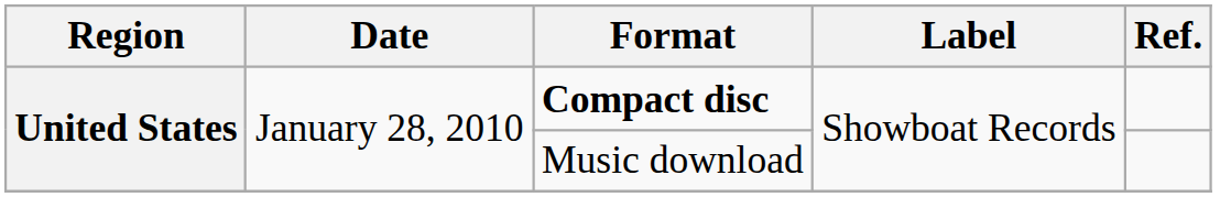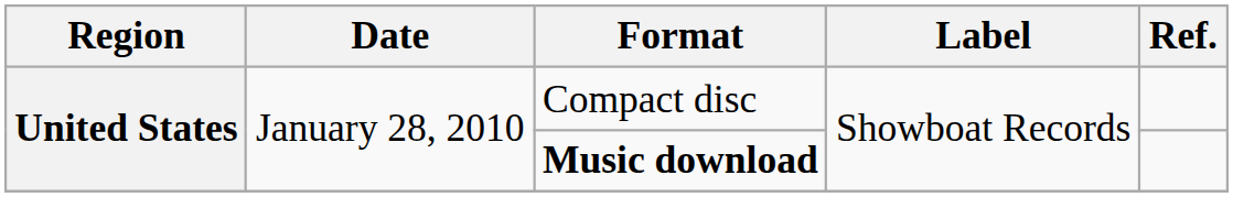 <table class="wikitable plainrowheaders">
 <tr>
 <th scope="col">Region</th>
 <th scope="col">Date</th>
 <th scope="col">Format</th>
 <th scope="col">Label</th>
 <th scope="col">Ref.</th>
 </tr>
 <tr>
 <th scope="row" rowspan="2">United States</th>
 <td rowspan="2">January 28, 2010</td>
-<td><strong>Compact disc</strong></td>
+<td>Compact disc</td>
 <td rowspan="2">Showboat Records</td>
 <td></td>
 </tr>
 <tr>
-<td>Music download</td>
+<td><strong>Music download</strong></td>
 <td></td>
 </tr>
 <tr>
 </tr>
 </table>
